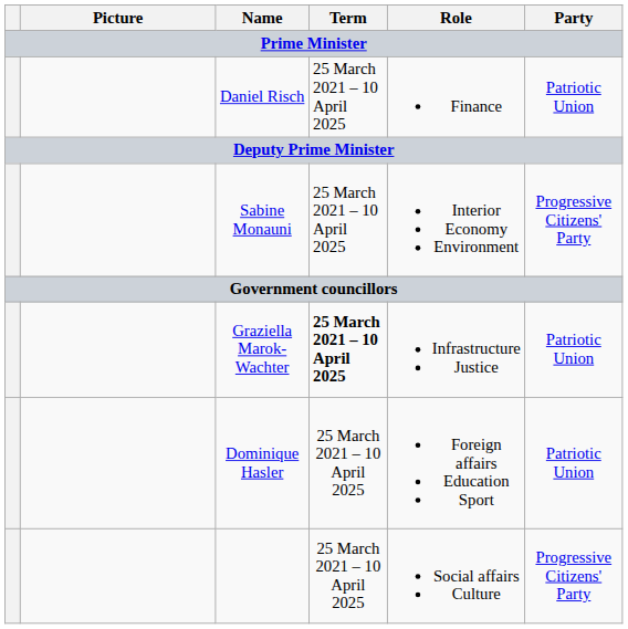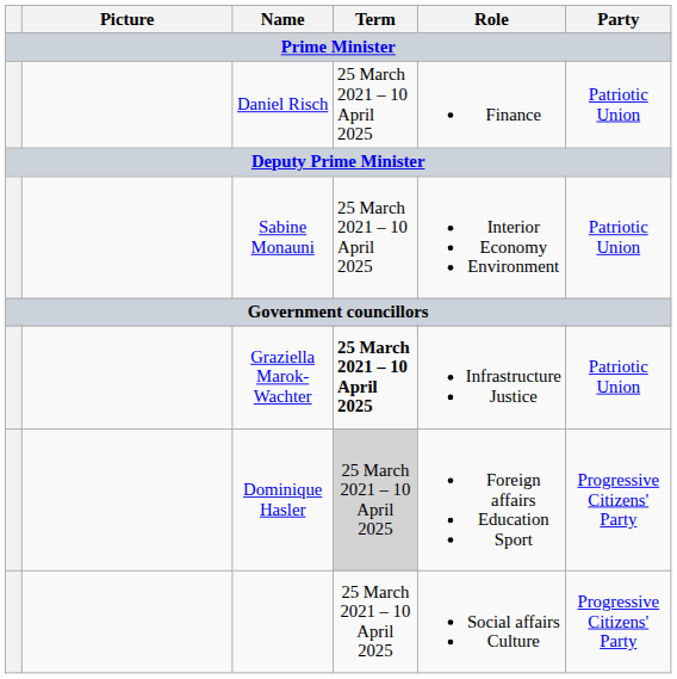 <table class="wikitable" style="text-align:center">
 <tr>
 <th style="width: 0.5em"></th>
 <th style="width: 11.5em">Picture</th>
 <th>Name</th>
 <th>Term</th>
 <th>Role</th>
 <th>Party</th>
 </tr>
 <tr>
 <th colspan="7" style="background:#CCD2D9"><a href='#'>Prime Minister</a></th>
 </tr>
 <tr>
 <th style="background:"></th>
 <td></td>
 <td><a href='#'>Daniel Risch</a></td>
 <td style="text-align:left">25 March 2021 – 10 April 2025</td>
 <td><br><ul><li>Finance</li></ul></td>
 <td><a href='#'>Patriotic Union</a></td>
 </tr>
 <tr>
 <th colspan="7" style="background:#CCD2D9"><a href='#'>Deputy Prime Minister</a></th>
 </tr>
 <tr>
 <th style="background:"></th>
 <td></td>
 <td><a href='#'>Sabine Monauni</a></td>
 <td style="text-align:left">25 March 2021 – 10 April 2025</td>
 <td><br><ul><li>Interior</li><li>Economy</li><li>Environment</li></ul></td>
-<td><a href='#'>Progressive Citizens' Party</a></td>
+<td><a href='#'>Patriotic Union</a></td>
 </tr>
 <tr>
 <th colspan="7" style="background:#CCD2D9">Government councillors</th>
 </tr>
 <tr>
 <th style="background:"></th>
 <td></td>
 <td><a href='#'>Graziella Marok-Wachter</a></td>
 <td style="text-align:left"><strong>25 March 2021 – 10 April 2025</strong></td>
 <td><br><ul><li>Infrastructure</li><li>Justice</li></ul></td>
 <td><a href='#'>Patriotic Union</a></td>
 </tr>
 <tr>
 <th style="background:"></th>
 <td></td>
 <td><a href='#'>Dominique Hasler</a></td>
-<td>25 March 2021 – 10 April 2025</td>
+<td style="background: lightgrey;">25 March 2021 – 10 April 2025</td>
 <td><br><ul><li>Foreign affairs</li><li>Education</li><li>Sport</li></ul></td>
-<td><a href='#'>Patriotic Union</a></td>
+<td><a href='#'>Progressive Citizens' Party</a></td>
 </tr>
 <tr>
 <th style="background:"></th>
 <td></td>
 <td></td>
 <td>25 March 2021 – 10 April 2025</td>
 <td><br><ul><li>Social affairs</li><li>Culture</li></ul></td>
 <td><a href='#'>Progressive Citizens' Party</a></td>
 </tr>
 </table>
